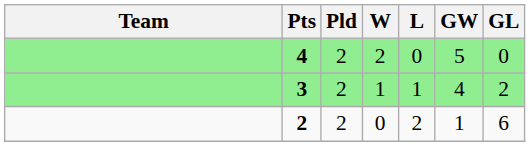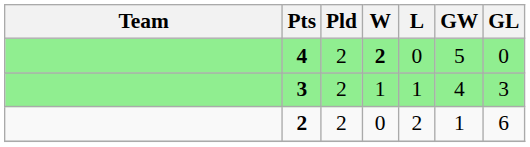 <table class="wikitable" style="text-align:center">
 <tr>
 <th width=200>Team</th>
 <th width=20>Pts</th>
 <th width=20>Pld</th>
 <th width=20>W</th>
 <th width=20>L</th>
 <th width=20>GW</th>
 <th width=20>GL</th>
 </tr>
 <tr bgcolor=lightgreen>
 <td style="text-align:left;"></td>
 <td><strong>4</strong></td>
 <td>2</td>
-<td>2</td>
+<td><strong>2</strong></td>
 <td>0</td>
 <td>5</td>
 <td>0</td>
 </tr>
 <tr bgcolor=lightgreen>
 <td style="text-align:left;"></td>
 <td><strong>3</strong></td>
 <td>2</td>
 <td>1</td>
 <td>1</td>
 <td>4</td>
-<td>2</td>
+<td>3</td>
 </tr>
 <tr>
 <td style="text-align:left;"></td>
 <td><strong>2</strong></td>
 <td>2</td>
 <td>0</td>
 <td>2</td>
 <td>1</td>
 <td>6</td>
 </tr>
 <tr>
 </tr>
 </table>
